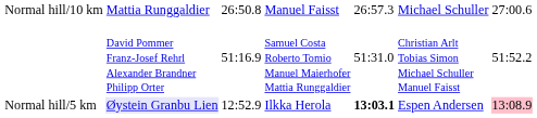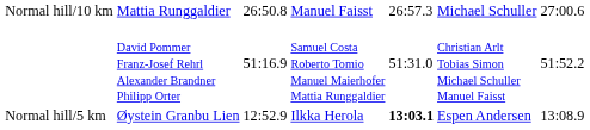 <table>
 <tr>
 <td>Normal hill/10 km</td>
 <td><a href='#'>Mattia Runggaldier</a><br></td>
 <td>26:50.8</td>
 <td><a href='#'>Manuel Faisst</a><br></td>
 <td>26:57.3</td>
 <td><a href='#'>Michael Schuller</a><br></td>
 <td>27:00.6</td>
 </tr>
 <tr>
 <td></td>
 <td><br><small><a href='#'>David Pommer</a><br><a href='#'>Franz-Josef Rehrl</a><br><a href='#'>Alexander Brandner</a><br><a href='#'>Philipp Orter</a></small></td>
 <td>51:16.9</td>
 <td><br><small><a href='#'>Samuel Costa</a><br><a href='#'>Roberto Tomio</a><br><a href='#'>Manuel Maierhofer</a><br><a href='#'>Mattia Runggaldier</a></small></td>
 <td>51:31.0</td>
 <td><br><small><a href='#'>Christian Arlt</a><br><a href='#'>Tobias Simon</a><br><a href='#'>Michael Schuller</a><br><a href='#'>Manuel Faisst</a></small></td>
 <td>51:52.2</td>
 </tr>
 <tr>
 <td>Normal hill/5 km</td>
-<td style="background: lavender;"><a href='#'>Øystein Granbu Lien</a><br></td>
+<td><a href='#'>Øystein Granbu Lien</a><br></td>
 <td>12:52.9</td>
 <td><a href='#'>Ilkka Herola</a><br></td>
 <td><strong>13:03.1</strong></td>
 <td><a href='#'>Espen Andersen</a><br></td>
-<td style="background: pink;">13:08.9</td>
+<td>13:08.9</td>
 </tr>
 </table>
